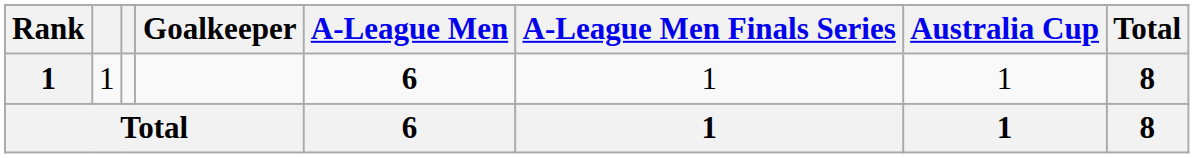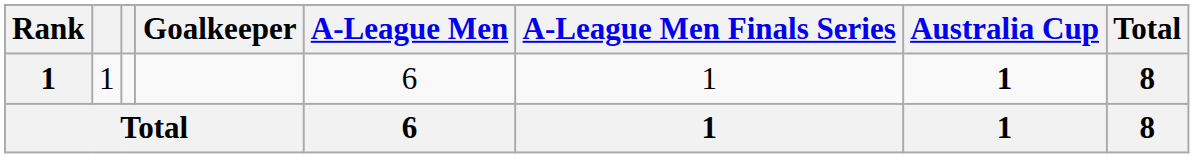 <table class="wikitable" style="text-align:center">
 <tr>
 <th>Rank</th>
 <th></th>
 <th></th>
 <th>Goalkeeper</th>
 <th><a href='#'>A-League Men</a></th>
 <th><a href='#'>A-League Men Finals Series</a></th>
 <th><a href='#'>Australia Cup</a></th>
 <th>Total</th>
 </tr>
 <tr>
 <th>1</th>
 <td>1</td>
 <td></td>
 <td align="left"></td>
-<td><strong>6</strong></td>
+<td>6</td>
 <td>1</td>
-<td>1</td>
+<td><strong>1</strong></td>
 <th>8</th>
 </tr>
 <tr>
 <th colspan="4">Total</th>
 <th>6</th>
 <th>1</th>
 <th>1</th>
 <th>8</th>
 </tr>
 </table>
